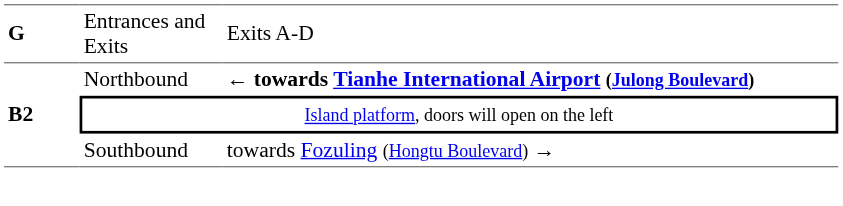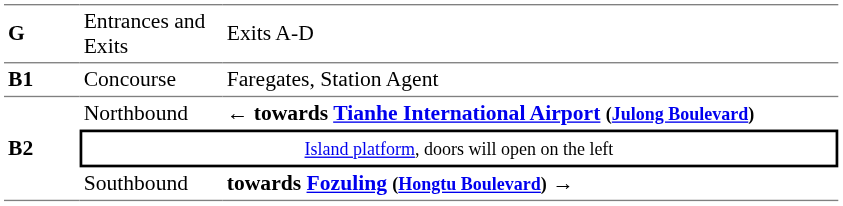 <table table border=0 cellspacing=0 cellpadding=3>
 <tr>
 <td style="border-top:solid 1px gray;border-bottom:solid 1px gray;" width=50><strong>G</strong></td>
 <td style="border-top:solid 1px gray;border-bottom:solid 1px gray;" width=100>Entrances and Exits</td>
 <td style="border-top:solid 1px gray;border-bottom:solid 1px gray;" width=450>Exits A-D</td>
+</tr>
+<tr>
+<td style="border-top:solid 0px gray;border-bottom:solid 1px gray;" width=50><strong>B1</strong></td>
+<td style="border-top:solid 0px gray;border-bottom:solid 1px gray;" width=100>Concourse</td>
+<td style="border-top:solid 0px gray;border-bottom:solid 1px gray;" width=450>Faregates, Station Agent</td>
 </tr>
 <tr>
 <td style="border-bottom:solid 1px gray;" rowspan=3><strong>B2</strong></td>
 <td>Northbound</td>
 <td><strong>←  towards <a href='#'>Tianhe International Airport</a> <small>(<a href='#'>Julong Boulevard</a>)</small></strong></td>
 </tr>
 <tr>
 <td style="border-right:solid 2px black;border-left:solid 2px black;border-top:solid 2px black;border-bottom:solid 2px black;text-align:center;" colspan=2><small><a href='#'>Island platform</a>, doors will open on the left</small></td>
 </tr>
 <tr>
 <td style="border-bottom:solid 1px gray;">Southbound</td>
-<td style="border-bottom:solid 1px gray;"> towards <a href='#'>Fozuling</a> <small>(<a href='#'>Hongtu Boulevard</a>)</small> →</td>
+<td style="border-bottom:solid 1px gray;"><strong> towards <a href='#'>Fozuling</a> <small>(<a href='#'>Hongtu Boulevard</a>)</small> →</strong></td>
 </tr>
 </table>
